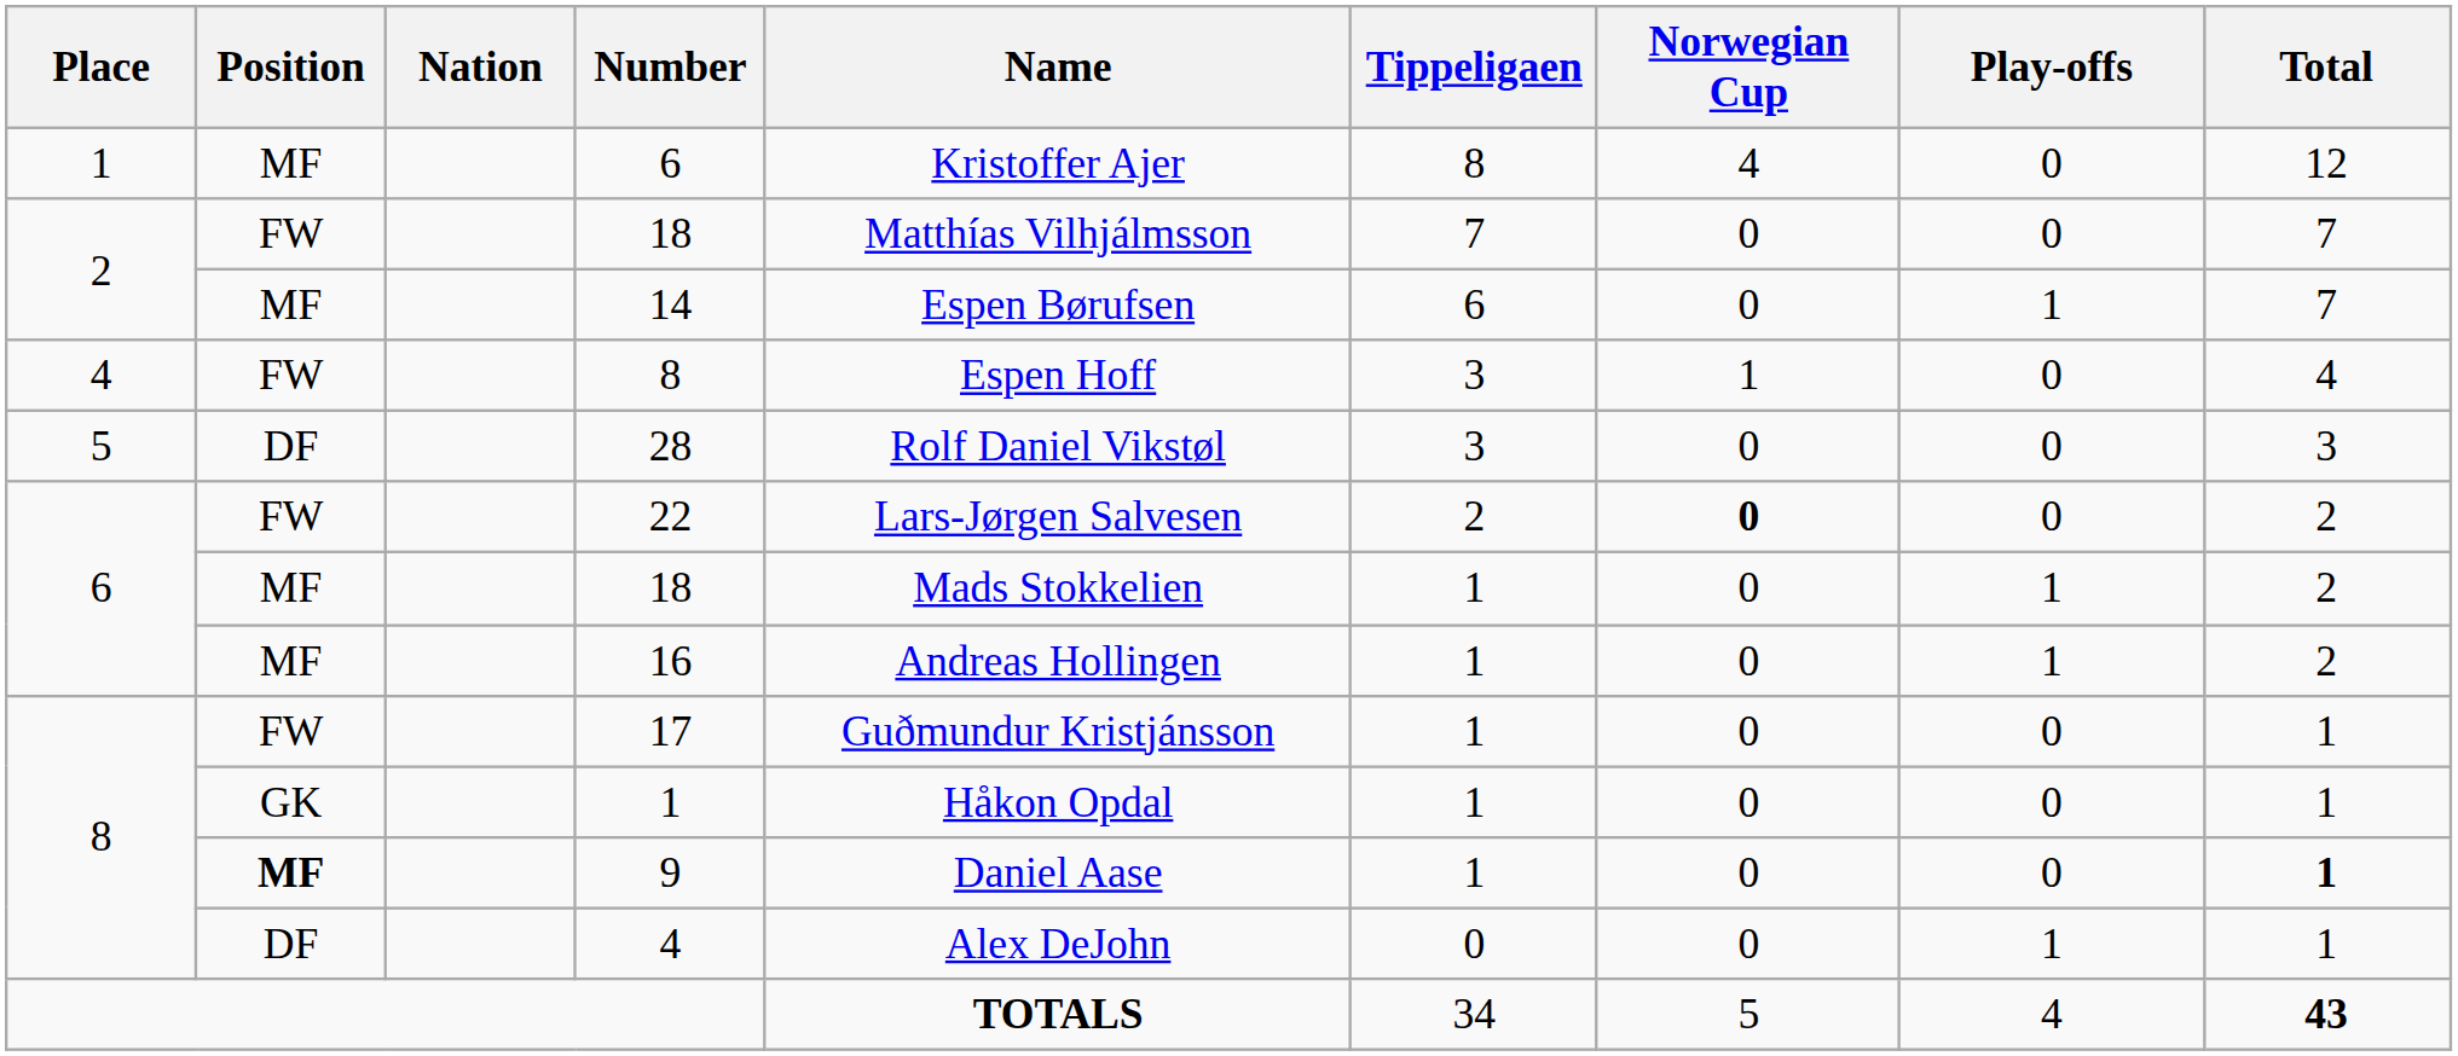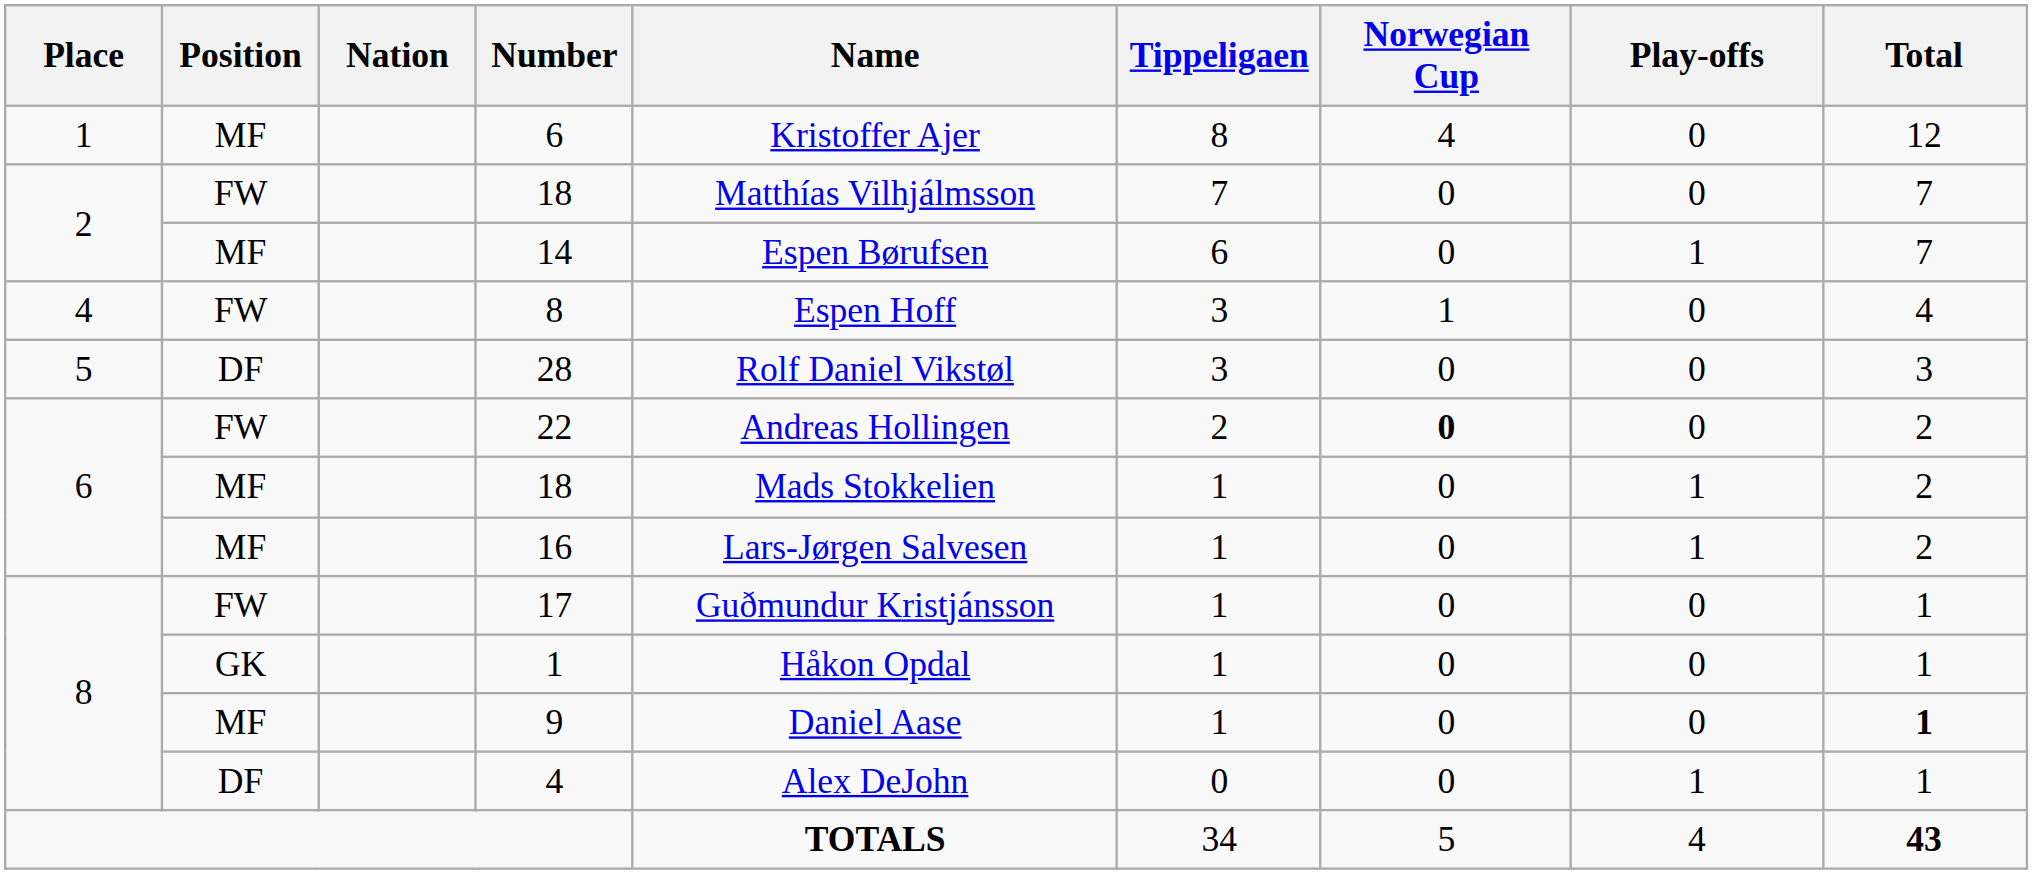 <table class="wikitable" style="font-size: 95%; text-align: center;">
 <tr>
 <th width=60>Place</th>
 <th width=60>Position</th>
 <th width=60>Nation</th>
 <th width=60>Number</th>
 <th width=200>Name</th>
 <th width=80><a href='#'>Tippeligaen</a></th>
 <th width=100><a href='#'>Norwegian Cup</a></th>
 <th width=100>Play-offs</th>
 <th width=80><strong>Total</strong></th>
 </tr>
 <tr>
 <td>1</td>
 <td>MF</td>
 <td></td>
 <td>6</td>
 <td><a href='#'>Kristoffer Ajer</a></td>
 <td>8</td>
 <td>4</td>
 <td>0</td>
 <td>12</td>
 </tr>
 <tr>
 <td rowspan="2">2</td>
 <td>FW</td>
 <td></td>
 <td>18</td>
 <td><a href='#'>Matthías Vilhjálmsson</a></td>
 <td>7</td>
 <td>0</td>
 <td>0</td>
 <td>7</td>
 </tr>
 <tr>
 <td>MF</td>
 <td></td>
 <td>14</td>
 <td><a href='#'>Espen Børufsen</a></td>
 <td>6</td>
 <td>0</td>
 <td>1</td>
 <td>7</td>
 </tr>
 <tr>
 <td>4</td>
 <td>FW</td>
 <td></td>
 <td>8</td>
 <td><a href='#'>Espen Hoff</a></td>
 <td>3</td>
 <td>1</td>
 <td>0</td>
 <td>4</td>
 </tr>
 <tr>
 <td>5</td>
 <td>DF</td>
 <td></td>
 <td>28</td>
 <td><a href='#'>Rolf Daniel Vikstøl</a></td>
 <td>3</td>
 <td>0</td>
 <td>0</td>
 <td>3</td>
 </tr>
 <tr>
 <td rowspan="3">6</td>
 <td>FW</td>
 <td></td>
 <td>22</td>
-<td><a href='#'>Lars-Jørgen Salvesen</a></td>
+<td><a href='#'>Andreas Hollingen</a></td>
 <td>2</td>
 <td><strong>0</strong></td>
 <td>0</td>
 <td>2</td>
 </tr>
 <tr>
 <td>MF</td>
 <td></td>
 <td>18</td>
 <td><a href='#'>Mads Stokkelien</a></td>
 <td>1</td>
 <td>0</td>
 <td>1</td>
 <td>2</td>
 </tr>
 <tr>
 <td>MF</td>
 <td></td>
 <td>16</td>
-<td><a href='#'>Andreas Hollingen</a></td>
+<td><a href='#'>Lars-Jørgen Salvesen</a></td>
 <td>1</td>
 <td>0</td>
 <td>1</td>
 <td>2</td>
 </tr>
 <tr>
 <td rowspan="4">8</td>
 <td>FW</td>
 <td></td>
 <td>17</td>
 <td><a href='#'>Guðmundur Kristjánsson</a></td>
 <td>1</td>
 <td>0</td>
 <td>0</td>
 <td>1</td>
 </tr>
 <tr>
 <td>GK</td>
 <td></td>
 <td>1</td>
 <td><a href='#'>Håkon Opdal</a></td>
 <td>1</td>
 <td>0</td>
 <td>0</td>
 <td>1</td>
 </tr>
 <tr>
-<td><strong>MF</strong></td>
+<td>MF</td>
 <td></td>
 <td>9</td>
 <td><a href='#'>Daniel Aase</a></td>
 <td>1</td>
 <td>0</td>
 <td>0</td>
 <td><strong>1</strong></td>
 </tr>
 <tr>
 <td>DF</td>
 <td></td>
 <td>4</td>
 <td><a href='#'>Alex DeJohn</a></td>
 <td>0</td>
 <td>0</td>
 <td>1</td>
 <td>1</td>
 </tr>
 <tr>
 <td colspan="4"></td>
 <td><strong>TOTALS</strong></td>
 <td>34</td>
 <td>5</td>
 <td>4</td>
 <td><strong>43</strong></td>
 </tr>
 </table>
